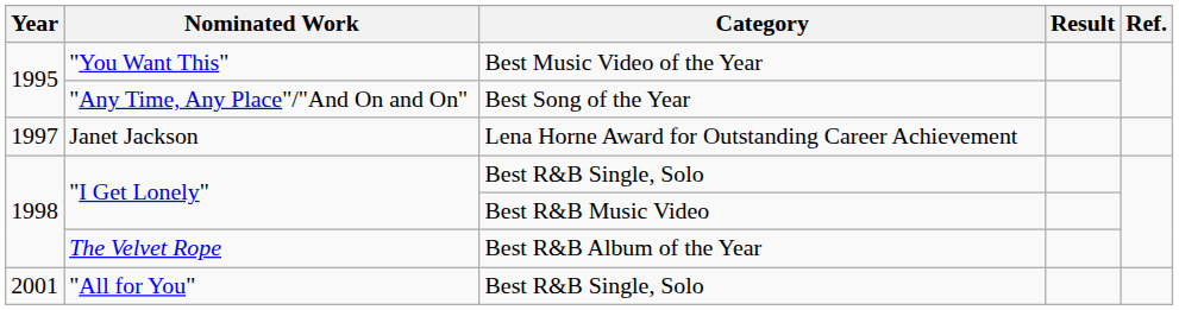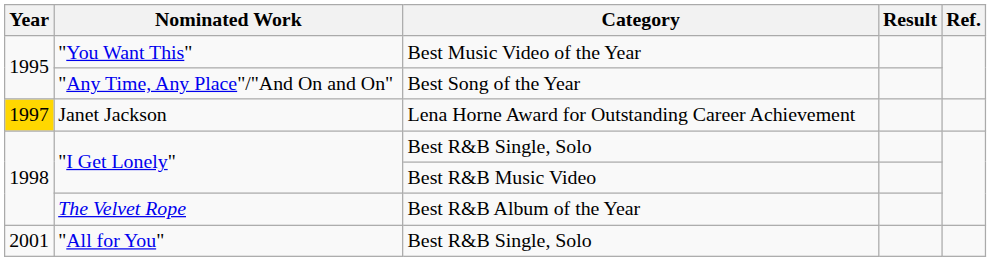 <table class="wikitable" width="50%">
 <tr>
 <th width="5%">Year</th>
 <th width="40%">Nominated Work</th>
 <th width="55%">Category</th>
 <th width="10%">Result</th>
 <th width="5%">Ref.</th>
 </tr>
 <tr>
 <td rowspan="2">1995</td>
 <td>"<a href='#'>You Want This</a>"</td>
 <td>Best Music Video of the Year</td>
 <td></td>
 <td rowspan="2"></td>
 </tr>
 <tr>
 <td>"<a href='#'>Any Time, Any Place</a>"/"And On and On"</td>
 <td>Best Song of the Year</td>
 <td></td>
 </tr>
 <tr>
-<td>1997</td>
+<td style="background: gold;">1997</td>
 <td>Janet Jackson</td>
 <td>Lena Horne Award for Outstanding Career Achievement</td>
 <td></td>
 <td></td>
 </tr>
 <tr>
 <td rowspan="3">1998</td>
 <td rowspan="2">"<a href='#'>I Get Lonely</a>"</td>
 <td>Best R&B Single, Solo</td>
 <td></td>
 <td rowspan="3"></td>
 </tr>
 <tr>
 <td>Best R&B Music Video</td>
 <td></td>
 </tr>
 <tr>
 <td><em><a href='#'>The Velvet Rope</a></em></td>
 <td>Best R&B Album of the Year</td>
 <td></td>
 </tr>
 <tr>
 <td>2001</td>
 <td>"<a href='#'>All for You</a>"</td>
 <td>Best R&B Single, Solo</td>
 <td></td>
 <td></td>
 </tr>
 </table>
